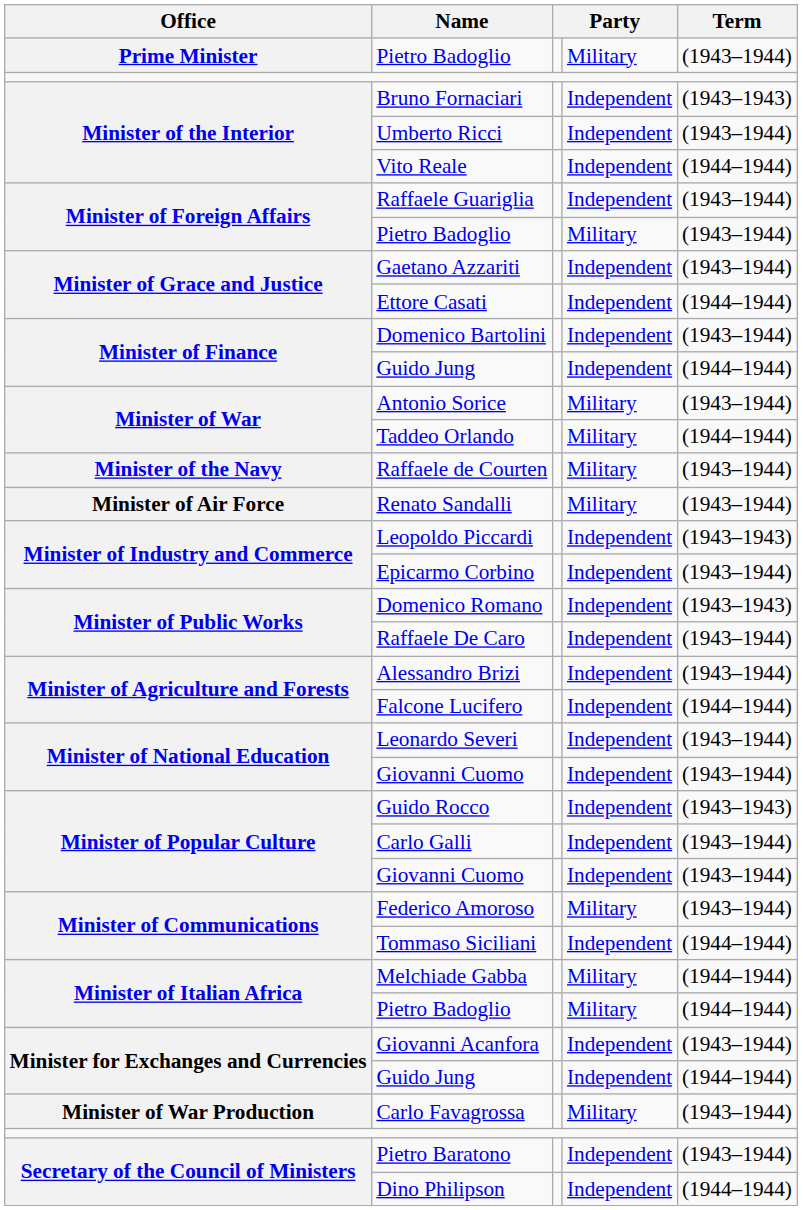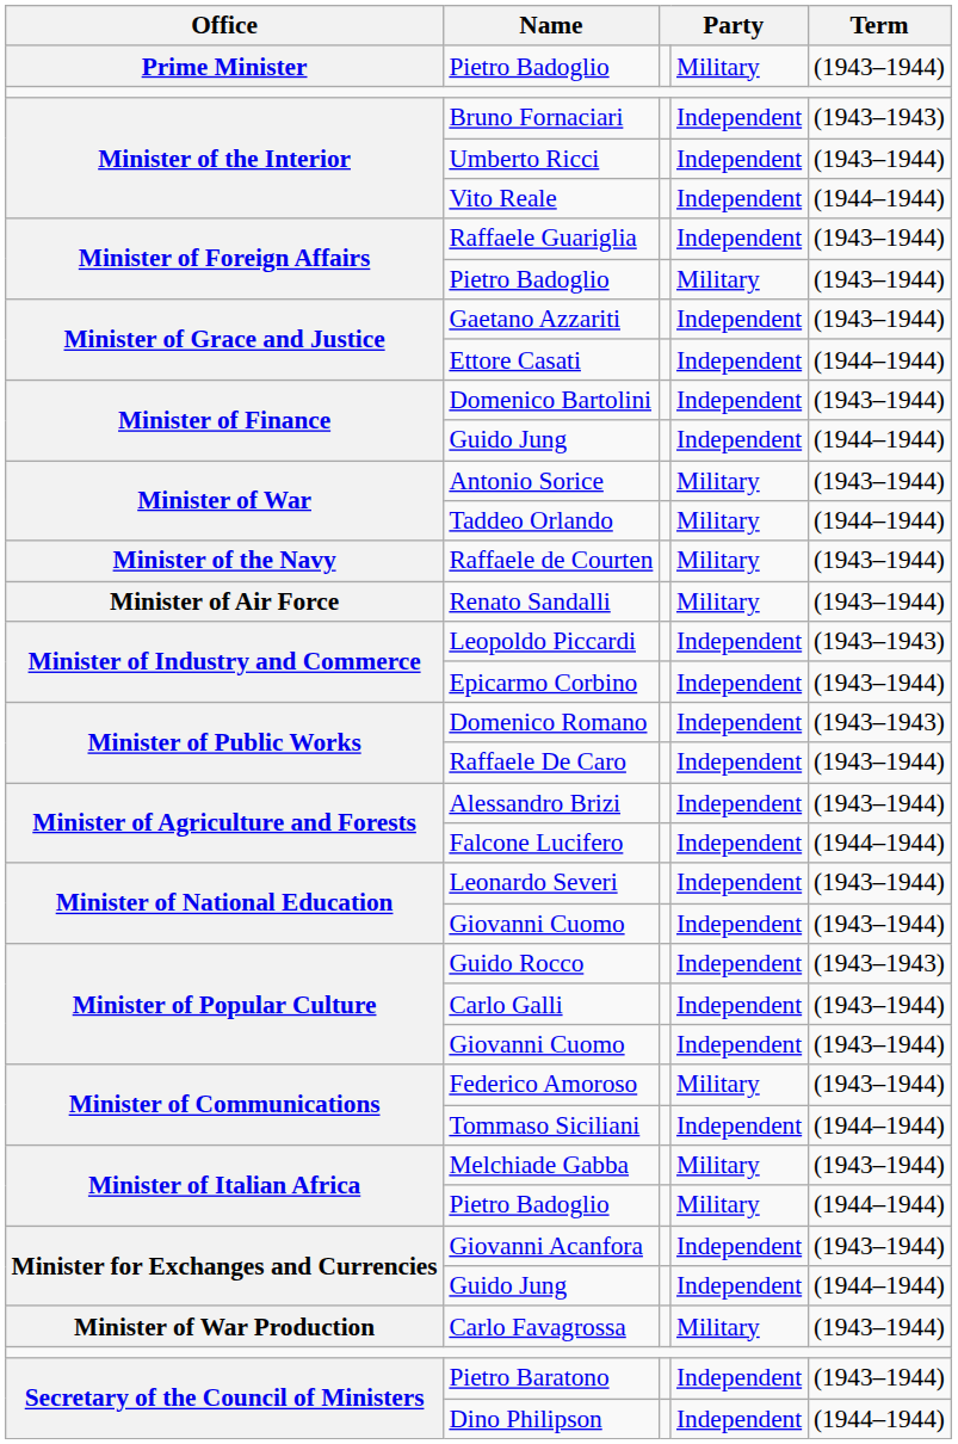 <table class="wikitable" style="font-size: 100%;">
 <tr>
 <th>Office</th>
 <th>Name</th>
 <th colspan=2>Party</th>
 <th>Term</th>
 </tr>
 <tr>
 <th><a href='#'>Prime Minister</a></th>
 <td><a href='#'>Pietro Badoglio</a></td>
 <td style="color:inherit;background:"></td>
 <td><a href='#'>Military</a></td>
 <td>(1943–1944)</td>
 </tr>
 <tr>
 <td colspan=6></td>
 </tr>
 <tr>
 <th rowspan=3><a href='#'>Minister of the Interior</a></th>
 <td><a href='#'>Bruno Fornaciari</a></td>
 <td style="color:inherit;background:"></td>
 <td><a href='#'>Independent</a></td>
 <td>(1943–1943)</td>
 </tr>
 <tr>
 <td><a href='#'>Umberto Ricci</a></td>
 <td style="color:inherit;background:"></td>
 <td><a href='#'>Independent</a></td>
 <td>(1943–1944)</td>
 </tr>
 <tr>
 <td><a href='#'>Vito Reale</a></td>
 <td style="color:inherit;background:"></td>
 <td><a href='#'>Independent</a></td>
 <td>(1944–1944)</td>
 </tr>
 <tr>
 <th rowspan=2><a href='#'>Minister of Foreign Affairs</a></th>
 <td><a href='#'>Raffaele Guariglia</a></td>
 <td style="color:inherit;background:"></td>
 <td><a href='#'>Independent</a></td>
 <td>(1943–1944)</td>
 </tr>
 <tr>
 <td><a href='#'>Pietro Badoglio</a></td>
 <td style="color:inherit;background:"></td>
 <td><a href='#'>Military</a></td>
 <td>(1943–1944)</td>
 </tr>
 <tr>
 <th rowspan=2><a href='#'>Minister of Grace and Justice</a></th>
 <td><a href='#'>Gaetano Azzariti</a></td>
 <td style="color:inherit;background:"></td>
 <td><a href='#'>Independent</a></td>
 <td>(1943–1944)</td>
 </tr>
 <tr>
 <td><a href='#'>Ettore Casati</a></td>
 <td style="color:inherit;background:"></td>
 <td><a href='#'>Independent</a></td>
 <td>(1944–1944)</td>
 </tr>
 <tr>
 <th rowspan=2><a href='#'>Minister of Finance</a></th>
 <td><a href='#'>Domenico Bartolini</a></td>
 <td style="color:inherit;background:"></td>
 <td><a href='#'>Independent</a></td>
 <td>(1943–1944)</td>
 </tr>
 <tr>
 <td><a href='#'>Guido Jung</a></td>
 <td style="color:inherit;background:"></td>
 <td><a href='#'>Independent</a></td>
 <td>(1944–1944)</td>
 </tr>
 <tr>
 <th rowspan=2><a href='#'>Minister of War</a></th>
 <td><a href='#'>Antonio Sorice</a></td>
 <td style="color:inherit;background:"></td>
 <td><a href='#'>Military</a></td>
 <td>(1943–1944)</td>
 </tr>
 <tr>
 <td><a href='#'>Taddeo Orlando</a></td>
 <td style="color:inherit;background:"></td>
 <td><a href='#'>Military</a></td>
 <td>(1944–1944)</td>
 </tr>
 <tr>
 <th><a href='#'>Minister of the Navy</a></th>
 <td><a href='#'>Raffaele de Courten</a></td>
 <td style="color:inherit;background:"></td>
 <td><a href='#'>Military</a></td>
 <td>(1943–1944)</td>
 </tr>
 <tr>
 <th>Minister of Air Force</th>
 <td><a href='#'>Renato Sandalli</a></td>
 <td style="color:inherit;background:"></td>
 <td><a href='#'>Military</a></td>
 <td>(1943–1944)</td>
 </tr>
 <tr>
 <th rowspan=2><a href='#'>Minister of Industry and Commerce</a></th>
 <td><a href='#'>Leopoldo Piccardi</a></td>
 <td style="color:inherit;background:"></td>
 <td><a href='#'>Independent</a></td>
 <td>(1943–1943)</td>
 </tr>
 <tr>
 <td><a href='#'>Epicarmo Corbino</a></td>
 <td style="color:inherit;background:"></td>
 <td><a href='#'>Independent</a></td>
 <td>(1943–1944)</td>
 </tr>
 <tr>
 <th rowspan=2><a href='#'>Minister of Public Works</a></th>
 <td><a href='#'>Domenico Romano</a></td>
 <td style="color:inherit;background:"></td>
 <td><a href='#'>Independent</a></td>
 <td>(1943–1943)</td>
 </tr>
 <tr>
 <td><a href='#'>Raffaele De Caro</a></td>
 <td style="color:inherit;background:"></td>
 <td><a href='#'>Independent</a></td>
 <td>(1943–1944)</td>
 </tr>
 <tr>
 <th rowspan=2><a href='#'>Minister of Agriculture and Forests</a></th>
 <td><a href='#'>Alessandro Brizi</a></td>
 <td style="color:inherit;background:"></td>
 <td><a href='#'>Independent</a></td>
 <td>(1943–1944)</td>
 </tr>
 <tr>
 <td><a href='#'>Falcone Lucifero</a></td>
 <td style="color:inherit;background:"></td>
 <td><a href='#'>Independent</a></td>
 <td>(1944–1944)</td>
 </tr>
 <tr>
 <th rowspan=2><a href='#'>Minister of National Education</a></th>
 <td><a href='#'>Leonardo Severi</a></td>
 <td style="color:inherit;background:"></td>
 <td><a href='#'>Independent</a></td>
 <td>(1943–1944)</td>
 </tr>
 <tr>
 <td><a href='#'>Giovanni Cuomo</a></td>
 <td style="color:inherit;background:"></td>
 <td><a href='#'>Independent</a></td>
 <td>(1943–1944)</td>
 </tr>
 <tr>
 <th rowspan=3><a href='#'>Minister of Popular Culture</a></th>
 <td><a href='#'>Guido Rocco</a></td>
 <td style="color:inherit;background:"></td>
 <td><a href='#'>Independent</a></td>
 <td>(1943–1943)</td>
 </tr>
 <tr>
 <td><a href='#'>Carlo Galli</a></td>
 <td style="color:inherit;background:"></td>
 <td><a href='#'>Independent</a></td>
 <td>(1943–1944)</td>
 </tr>
 <tr>
 <td><a href='#'>Giovanni Cuomo</a></td>
 <td style="color:inherit;background:"></td>
 <td><a href='#'>Independent</a></td>
 <td>(1943–1944)</td>
 </tr>
 <tr>
 <th rowspan=2><a href='#'>Minister of Communications</a></th>
 <td><a href='#'>Federico Amoroso</a></td>
 <td style="color:inherit;background:"></td>
 <td><a href='#'>Military</a></td>
 <td>(1943–1944)</td>
 </tr>
 <tr>
 <td><a href='#'>Tommaso Siciliani</a></td>
 <td style="color:inherit;background:"></td>
 <td><a href='#'>Independent</a></td>
 <td>(1944–1944)</td>
 </tr>
 <tr>
 <th rowspan=2><a href='#'>Minister of Italian Africa</a></th>
 <td><a href='#'>Melchiade Gabba</a></td>
 <td style="color:inherit;background:"></td>
 <td><a href='#'>Military</a></td>
-<td>(1944–1944)</td>
+<td>(1943–1944)</td>
 </tr>
 <tr>
 <td><a href='#'>Pietro Badoglio</a></td>
 <td style="color:inherit;background:"></td>
 <td><a href='#'>Military</a></td>
 <td>(1944–1944)</td>
 </tr>
 <tr>
 <th rowspan=2>Minister for Exchanges and Currencies</th>
 <td><a href='#'>Giovanni Acanfora</a></td>
 <td style="color:inherit;background:"></td>
 <td><a href='#'>Independent</a></td>
 <td>(1943–1944)</td>
 </tr>
 <tr>
 <td><a href='#'>Guido Jung</a></td>
 <td style="color:inherit;background:"></td>
 <td><a href='#'>Independent</a></td>
 <td>(1944–1944)</td>
 </tr>
 <tr>
 <th>Minister of War Production</th>
 <td><a href='#'>Carlo Favagrossa</a></td>
 <td style="color:inherit;background:"></td>
 <td><a href='#'>Military</a></td>
 <td>(1943–1944)</td>
 </tr>
 <tr>
 <td colspan=5></td>
 </tr>
 <tr>
 <th rowspan=2><a href='#'>Secretary of the Council of Ministers</a></th>
 <td><a href='#'>Pietro Baratono</a></td>
 <td style="color:inherit;background:"></td>
 <td><a href='#'>Independent</a></td>
 <td>(1943–1944)</td>
 </tr>
 <tr>
 <td><a href='#'>Dino Philipson</a></td>
 <td style="color:inherit;background:"></td>
 <td><a href='#'>Independent</a></td>
 <td>(1944–1944)</td>
 </tr>
 </table>
